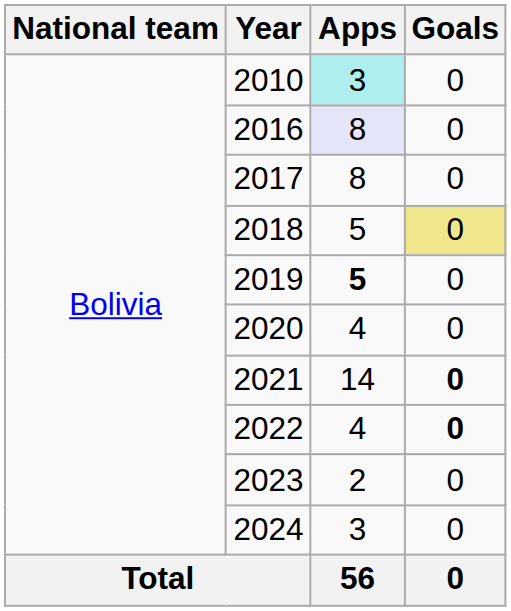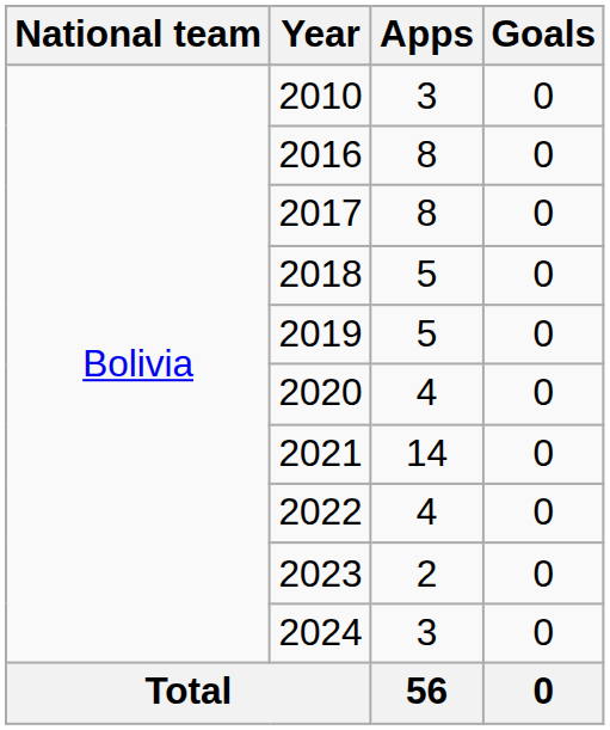 <table class="wikitable" style="text-align:center">
 <tr>
 <th>National team</th>
 <th>Year</th>
 <th>Apps</th>
 <th>Goals</th>
 </tr>
 <tr>
 <td rowspan="10"><a href='#'>Bolivia</a></td>
 <td>2010</td>
-<td style="background: paleturquoise;">3</td>
+<td>3</td>
 <td>0</td>
 </tr>
 <tr>
 <td>2016</td>
-<td style="background: lavender;">8</td>
+<td>8</td>
 <td>0</td>
 </tr>
 <tr>
 <td>2017</td>
 <td>8</td>
 <td>0</td>
 </tr>
 <tr>
 <td>2018</td>
 <td>5</td>
-<td style="background: khaki;">0</td>
+<td>0</td>
 </tr>
 <tr>
 <td>2019</td>
-<td><strong>5</strong></td>
+<td>5</td>
 <td>0</td>
 </tr>
 <tr>
 <td>2020</td>
 <td>4</td>
 <td>0</td>
 </tr>
 <tr>
 <td>2021</td>
 <td>14</td>
-<td><strong>0</strong></td>
+<td>0</td>
 </tr>
 <tr>
 <td>2022</td>
 <td>4</td>
-<td><strong>0</strong></td>
+<td>0</td>
 </tr>
 <tr>
 <td>2023</td>
 <td>2</td>
 <td>0</td>
 </tr>
 <tr>
 <td>2024</td>
 <td>3</td>
 <td>0</td>
 </tr>
 <tr>
 <th colspan="2">Total</th>
 <th>56</th>
 <th>0</th>
 </tr>
 </table>
